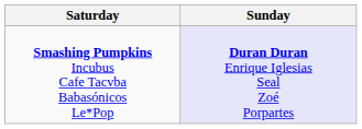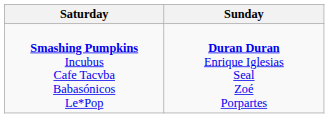 <table class="wikitable">
 <tr>
 <th>Saturday</th>
 <th>Sunday</th>
 </tr>
 <tr>
 <td valign="top" align="center" width=200><br><strong><a href='#'>Smashing Pumpkins</a></strong> <br><a href='#'>Incubus</a> <br><a href='#'>Cafe Tacvba</a> <br><a href='#'>Babasónicos</a> <br><a href='#'>Le*Pop</a></td>
-<td valign="top" align="center" width=200 style="background: lavender;"><br><strong><a href='#'>Duran Duran</a></strong> <br><a href='#'>Enrique Iglesias</a> <br><a href='#'>Seal</a> <br><a href='#'>Zoé</a> <br><a href='#'>Porpartes</a></td>
+<td valign="top" align="center" width=200><br><strong><a href='#'>Duran Duran</a></strong> <br><a href='#'>Enrique Iglesias</a> <br><a href='#'>Seal</a> <br><a href='#'>Zoé</a> <br><a href='#'>Porpartes</a></td>
 </tr>
 </table>
